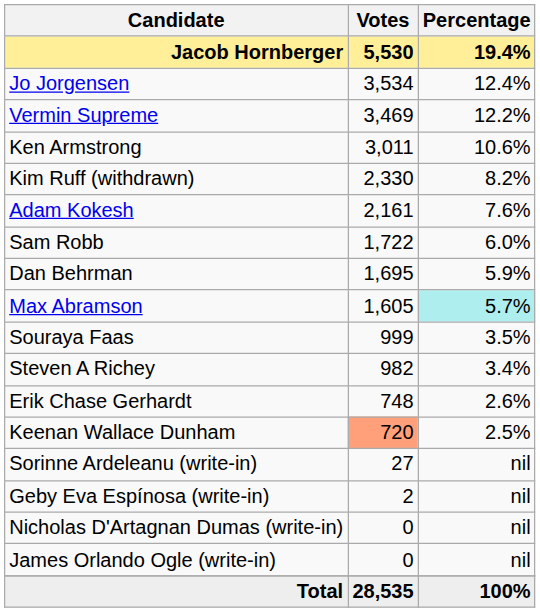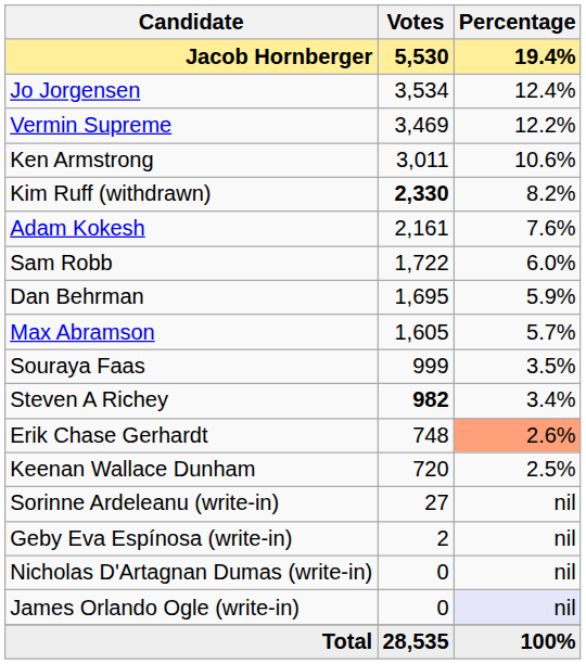 <table class="wikitable" style="text-align:right;">
 <tr>
 <th>Candidate</th>
 <th>Votes</th>
 <th>Percentage</th>
 </tr>
 <tr>
 <td style="background:#ffef99;"><strong>Jacob Hornberger</strong></td>
 <td style="background:#ffef99;"><strong>5,530</strong></td>
 <td style="background:#ffef99;"><strong>19.4%</strong></td>
 </tr>
 <tr>
 <td style="text-align:left;"><a href='#'>Jo Jorgensen</a></td>
 <td>3,534</td>
 <td>12.4%</td>
 </tr>
 <tr>
 <td style="text-align:left;"><a href='#'>Vermin Supreme</a></td>
 <td>3,469</td>
 <td>12.2%</td>
 </tr>
 <tr>
 <td style="text-align:left;">Ken Armstrong</td>
 <td>3,011</td>
 <td>10.6%</td>
 </tr>
 <tr>
 <td style="text-align:left;">Kim Ruff (withdrawn)</td>
-<td>2,330</td>
+<td><strong>2,330</strong></td>
 <td>8.2%</td>
 </tr>
 <tr>
 <td style="text-align:left;"><a href='#'>Adam Kokesh</a></td>
 <td>2,161</td>
 <td>7.6%</td>
 </tr>
 <tr>
 <td style="text-align:left;">Sam Robb</td>
 <td>1,722</td>
 <td>6.0%</td>
 </tr>
 <tr>
 <td style="text-align:left;">Dan Behrman</td>
 <td>1,695</td>
 <td>5.9%</td>
 </tr>
 <tr>
 <td style="text-align:left;"><a href='#'>Max Abramson</a></td>
 <td>1,605</td>
-<td style="background: paleturquoise;">5.7%</td>
+<td>5.7%</td>
 </tr>
 <tr>
 <td style="text-align:left;">Souraya Faas</td>
 <td>999</td>
 <td>3.5%</td>
 </tr>
 <tr>
 <td style="text-align:left;">Steven A Richey</td>
-<td>982</td>
+<td><strong>982</strong></td>
 <td>3.4%</td>
 </tr>
 <tr>
 <td style="text-align:left;">Erik Chase Gerhardt</td>
 <td>748</td>
-<td>2.6%</td>
+<td style="background: lightsalmon;">2.6%</td>
 </tr>
 <tr>
 <td style="text-align:left;">Keenan Wallace Dunham</td>
-<td style="background: lightsalmon;">720</td>
+<td>720</td>
 <td>2.5%</td>
 </tr>
 <tr>
 <td style="text-align:left;">Sorinne Ardeleanu (write-in)</td>
 <td>27</td>
 <td>nil</td>
 </tr>
 <tr>
 <td style="text-align:left;">Geby Eva Espínosa (write-in)</td>
 <td>2</td>
 <td>nil</td>
 </tr>
 <tr>
 <td style="text-align:left;">Nicholas D'Artagnan Dumas (write-in)</td>
 <td>0</td>
 <td>nil</td>
 </tr>
 <tr>
 <td style="text-align:left;">James Orlando Ogle (write-in)</td>
 <td>0</td>
-<td>nil</td>
+<td style="background: lavender;">nil</td>
 </tr>
 <tr>
 </tr>
 <tr style="background:#eee;">
 <td style="margin-right:0.50px"><strong>Total</strong></td>
 <td style="margin-right:0.50px"><strong>28,535</strong></td>
 <td style="margin-right:0.50px"><strong>100%</strong></td>
 </tr>
 </table>
